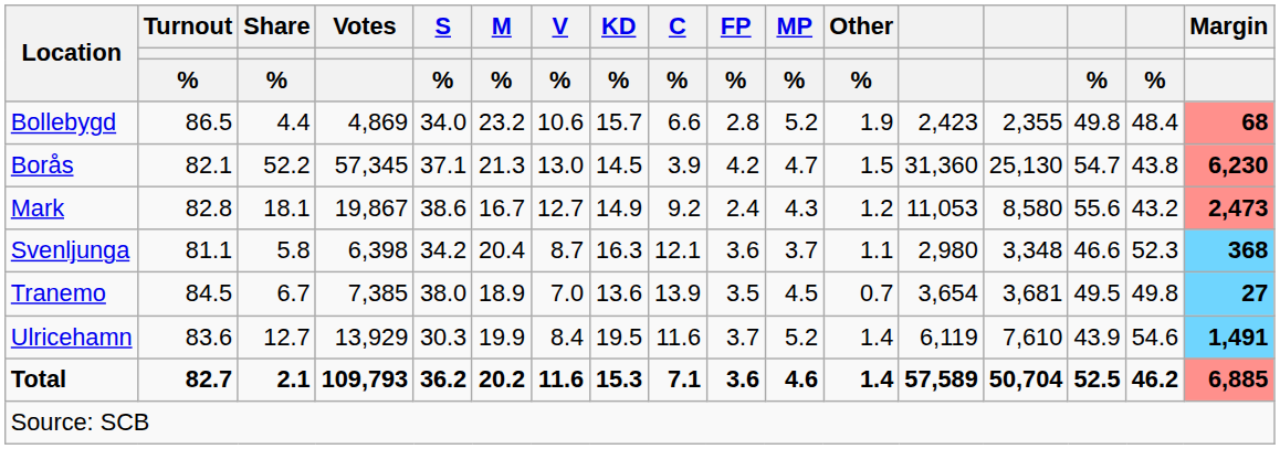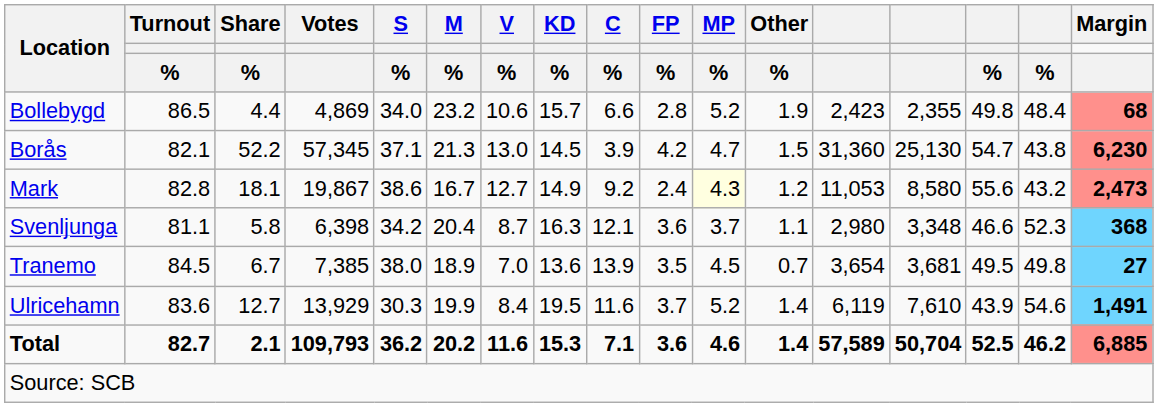 <table class="wikitable sortable" style="text-align:right; font-size:95%; line-height:20px;">
 <tr>
 <th rowspan="3">Location</th>
 <th>Turnout</th>
 <th>Share</th>
 <th>Votes</th>
 <th width="30px" class="unsortable"><a href='#'>S</a></th>
 <th width="30px" class="unsortable"><a href='#'>M</a></th>
 <th width="30px" class="unsortable"><a href='#'>V</a></th>
 <th width="30px" class="unsortable"><a href='#'>KD</a></th>
 <th width="30px" class="unsortable"><a href='#'>C</a></th>
 <th width="30px" class="unsortable"><a href='#'>FP</a></th>
 <th width="30px" class="unsortable"><a href='#'>MP</a></th>
 <th width="30px" class="unsortable">Other</th>
 <th></th>
 <th></th>
 <th></th>
 <th></th>
 <th>Margin</th>
 </tr>
 <tr>
 <th></th>
 <th></th>
 <th></th>
 <th style="background:"></th>
 <th style="background:"></th>
 <th style="background:"></th>
 <th style="background:"></th>
 <th style="background:"></th>
 <th style="background:"></th>
 <th style="background:"></th>
 <th style="background:"></th>
 <th style="background:"></th>
 <th style="background:"></th>
 <th style="background:"></th>
 <th style="background:"></th>
 </tr>
 <tr>
 <th data-sort-type="number">%</th>
 <th data-sort-type="number">%</th>
 <th></th>
 <th data-sort-type="number">%</th>
 <th data-sort-type="number">%</th>
 <th data-sort-type="number">%</th>
 <th data-sort-type="number">%</th>
 <th data-sort-type="number">%</th>
 <th data-sort-type="number">%</th>
 <th data-sort-type="number">%</th>
 <th data-sort-type="number">%</th>
 <th data-sort-type="number"></th>
 <th data-sort-type="number"></th>
 <th data-sort-type="number">%</th>
 <th data-sort-type="number">%</th>
 <th data-sort-type="number"></th>
 </tr>
 <tr>
 <td align=left><a href='#'>Bollebygd</a></td>
 <td>86.5</td>
 <td>4.4</td>
 <td>4,869</td>
 <td>34.0</td>
 <td>23.2</td>
 <td>10.6</td>
 <td>15.7</td>
 <td>6.6</td>
 <td>2.8</td>
 <td>5.2</td>
 <td>1.9</td>
 <td>2,423</td>
 <td>2,355</td>
 <td>49.8</td>
 <td>48.4</td>
 <td bgcolor=#ff908c><strong>68</strong></td>
 </tr>
 <tr>
 <td align=left><a href='#'>Borås</a></td>
 <td>82.1</td>
 <td>52.2</td>
 <td>57,345</td>
 <td>37.1</td>
 <td>21.3</td>
 <td>13.0</td>
 <td>14.5</td>
 <td>3.9</td>
 <td>4.2</td>
 <td>4.7</td>
 <td>1.5</td>
 <td>31,360</td>
 <td>25,130</td>
 <td>54.7</td>
 <td>43.8</td>
 <td bgcolor=#ff908c><strong>6,230</strong></td>
 </tr>
 <tr>
 <td align=left><a href='#'>Mark</a></td>
 <td>82.8</td>
 <td>18.1</td>
 <td>19,867</td>
 <td>38.6</td>
 <td>16.7</td>
 <td>12.7</td>
 <td>14.9</td>
 <td>9.2</td>
 <td>2.4</td>
-<td>4.3</td>
+<td style="background: lightyellow;">4.3</td>
 <td>1.2</td>
 <td>11,053</td>
 <td>8,580</td>
 <td>55.6</td>
 <td>43.2</td>
 <td bgcolor=#ff908c><strong>2,473</strong></td>
 </tr>
 <tr>
 <td align=left><a href='#'>Svenljunga</a></td>
 <td>81.1</td>
 <td>5.8</td>
 <td>6,398</td>
 <td>34.2</td>
 <td>20.4</td>
 <td>8.7</td>
 <td>16.3</td>
 <td>12.1</td>
 <td>3.6</td>
 <td>3.7</td>
 <td>1.1</td>
 <td>2,980</td>
 <td>3,348</td>
 <td>46.6</td>
 <td>52.3</td>
 <td bgcolor=#6fd5fe><strong>368</strong></td>
 </tr>
 <tr>
 <td align=left><a href='#'>Tranemo</a></td>
 <td>84.5</td>
 <td>6.7</td>
 <td>7,385</td>
 <td>38.0</td>
 <td>18.9</td>
 <td>7.0</td>
 <td>13.6</td>
 <td>13.9</td>
 <td>3.5</td>
 <td>4.5</td>
 <td>0.7</td>
 <td>3,654</td>
 <td>3,681</td>
 <td>49.5</td>
 <td>49.8</td>
 <td bgcolor=#6fd5fe><strong>27</strong></td>
 </tr>
 <tr>
 <td align=left><a href='#'>Ulricehamn</a></td>
 <td>83.6</td>
 <td>12.7</td>
 <td>13,929</td>
 <td>30.3</td>
 <td>19.9</td>
 <td>8.4</td>
 <td>19.5</td>
 <td>11.6</td>
 <td>3.7</td>
 <td>5.2</td>
 <td>1.4</td>
 <td>6,119</td>
 <td>7,610</td>
 <td>43.9</td>
 <td>54.6</td>
 <td bgcolor=#6fd5fe><strong>1,491</strong></td>
 </tr>
 <tr>
 <td align=left><strong>Total</strong></td>
 <td><strong>82.7</strong></td>
 <td><strong>2.1</strong></td>
 <td><strong>109,793</strong></td>
 <td><strong>36.2</strong></td>
 <td><strong>20.2</strong></td>
 <td><strong>11.6</strong></td>
 <td><strong>15.3</strong></td>
 <td><strong>7.1</strong></td>
 <td><strong>3.6</strong></td>
 <td><strong>4.6</strong></td>
 <td><strong>1.4</strong></td>
 <td><strong>57,589</strong></td>
 <td><strong>50,704</strong></td>
 <td><strong>52.5</strong></td>
 <td><strong>46.2</strong></td>
 <td bgcolor=#ff908c><strong>6,885</strong></td>
 </tr>
 <tr>
 <td align=left colspan=17>Source: SCB </td>
 </tr>
 </table>
